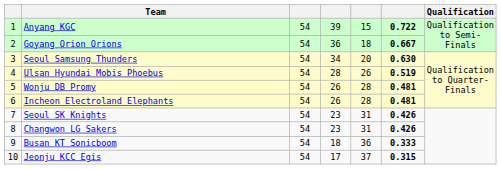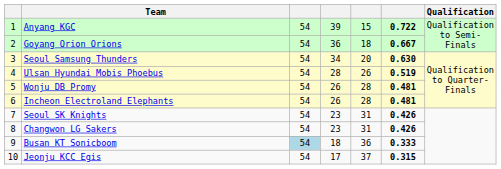 <table class="wikitable" style="text-align:center;">
 <tr>
 <th width=20></th>
 <th width=400>Team</th>
 <th width=40></th>
 <th width=40></th>
 <th width=40></th>
 <th width=60></th>
 <th width=80>Qualification</th>
 </tr>
 <tr bgcolor=#ccffcc>
 <td>1</td>
 <td align=left><a href='#'>Anyang KGC</a></td>
 <td>54</td>
 <td>39</td>
 <td>15</td>
 <td><strong>0.722</strong></td>
 <td rowspan="2">Qualification to Semi-Finals</td>
 </tr>
 <tr bgcolor=#ccffcc>
 <td>2</td>
 <td align=left><a href='#'>Goyang Orion Orions</a></td>
 <td>54</td>
 <td>36</td>
 <td>18</td>
 <td><strong>0.667</strong></td>
 </tr>
 <tr bgcolor=#fffccc>
 <td>3</td>
 <td align=left><a href='#'>Seoul Samsung Thunders</a></td>
 <td>54</td>
 <td>34</td>
 <td>20</td>
 <td><strong>0.630</strong></td>
 <td rowspan="4">Qualification to Quarter-Finals</td>
 </tr>
 <tr bgcolor=#fffccc>
 <td>4</td>
 <td align=left><a href='#'>Ulsan Hyundai Mobis Phoebus</a></td>
 <td>54</td>
 <td>28</td>
 <td>26</td>
 <td><strong>0.519</strong></td>
 </tr>
 <tr bgcolor=#fffccc>
 <td>5</td>
 <td align=left><a href='#'>Wonju DB Promy</a></td>
 <td>54</td>
 <td>26</td>
 <td>28</td>
 <td><strong>0.481</strong></td>
 </tr>
 <tr bgcolor=#fffccc>
 <td>6</td>
 <td align=left><a href='#'>Incheon Electroland Elephants</a></td>
 <td>54</td>
 <td>26</td>
 <td>28</td>
 <td><strong>0.481</strong></td>
 </tr>
 <tr>
 <td>7</td>
 <td align=left><a href='#'>Seoul SK Knights</a></td>
 <td>54</td>
 <td>23</td>
 <td>31</td>
 <td><strong>0.426</strong></td>
 <td rowspan="4"></td>
 </tr>
 <tr>
 <td>8</td>
 <td align=left><a href='#'>Changwon LG Sakers</a></td>
 <td>54</td>
 <td>23</td>
 <td>31</td>
 <td><strong>0.426</strong></td>
 </tr>
 <tr>
 <td>9</td>
 <td align=left><a href='#'>Busan KT Sonicboom</a></td>
-<td>54</td>
+<td style="background: lightblue;">54</td>
 <td>18</td>
 <td>36</td>
 <td><strong>0.333</strong></td>
 </tr>
 <tr>
 <td>10</td>
 <td align=left><a href='#'>Jeonju KCC Egis</a></td>
 <td>54</td>
 <td>17</td>
 <td>37</td>
 <td><strong>0.315</strong></td>
 </tr>
 </table>
